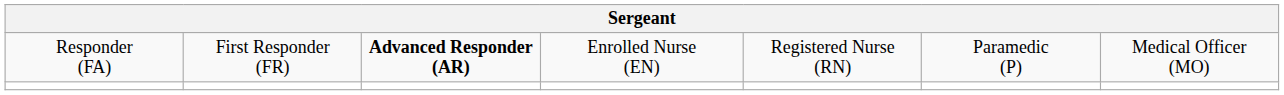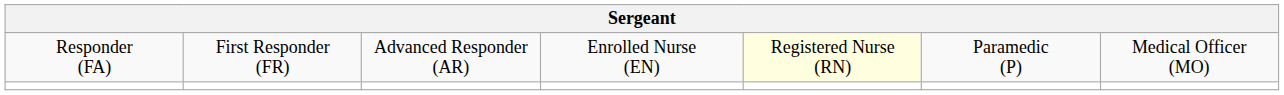 <table class="wikitable"  style="margin:0.5em auto; width:90%;">
 <tr>
 <th colspan=7>Sergeant</th>
 </tr>
 <tr align=center>
 <td width="14%">Responder<br>(FA)</td>
 <td width="14%">First Responder<br>(FR)</td>
-<td width="14%"><strong>Advanced Responder<br>(AR)</strong></td>
+<td width="14%">Advanced Responder<br>(AR)</td>
 <td width="16%">Enrolled Nurse<br>(EN)</td>
-<td width="14%">Registered Nurse<br>(RN)</td>
+<td width="14%" style="background: lightyellow;">Registered Nurse<br>(RN)</td>
 <td width="14%">Paramedic<br>(P)</td>
 <td width="14%">Medical Officer<br>(MO)</td>
 </tr>
 <tr style="text-align:center; background: white;">
 <td></td>
 <td></td>
 <td></td>
 <td></td>
 <td></td>
 <td></td>
 <td></td>
 </tr>
 </table>
